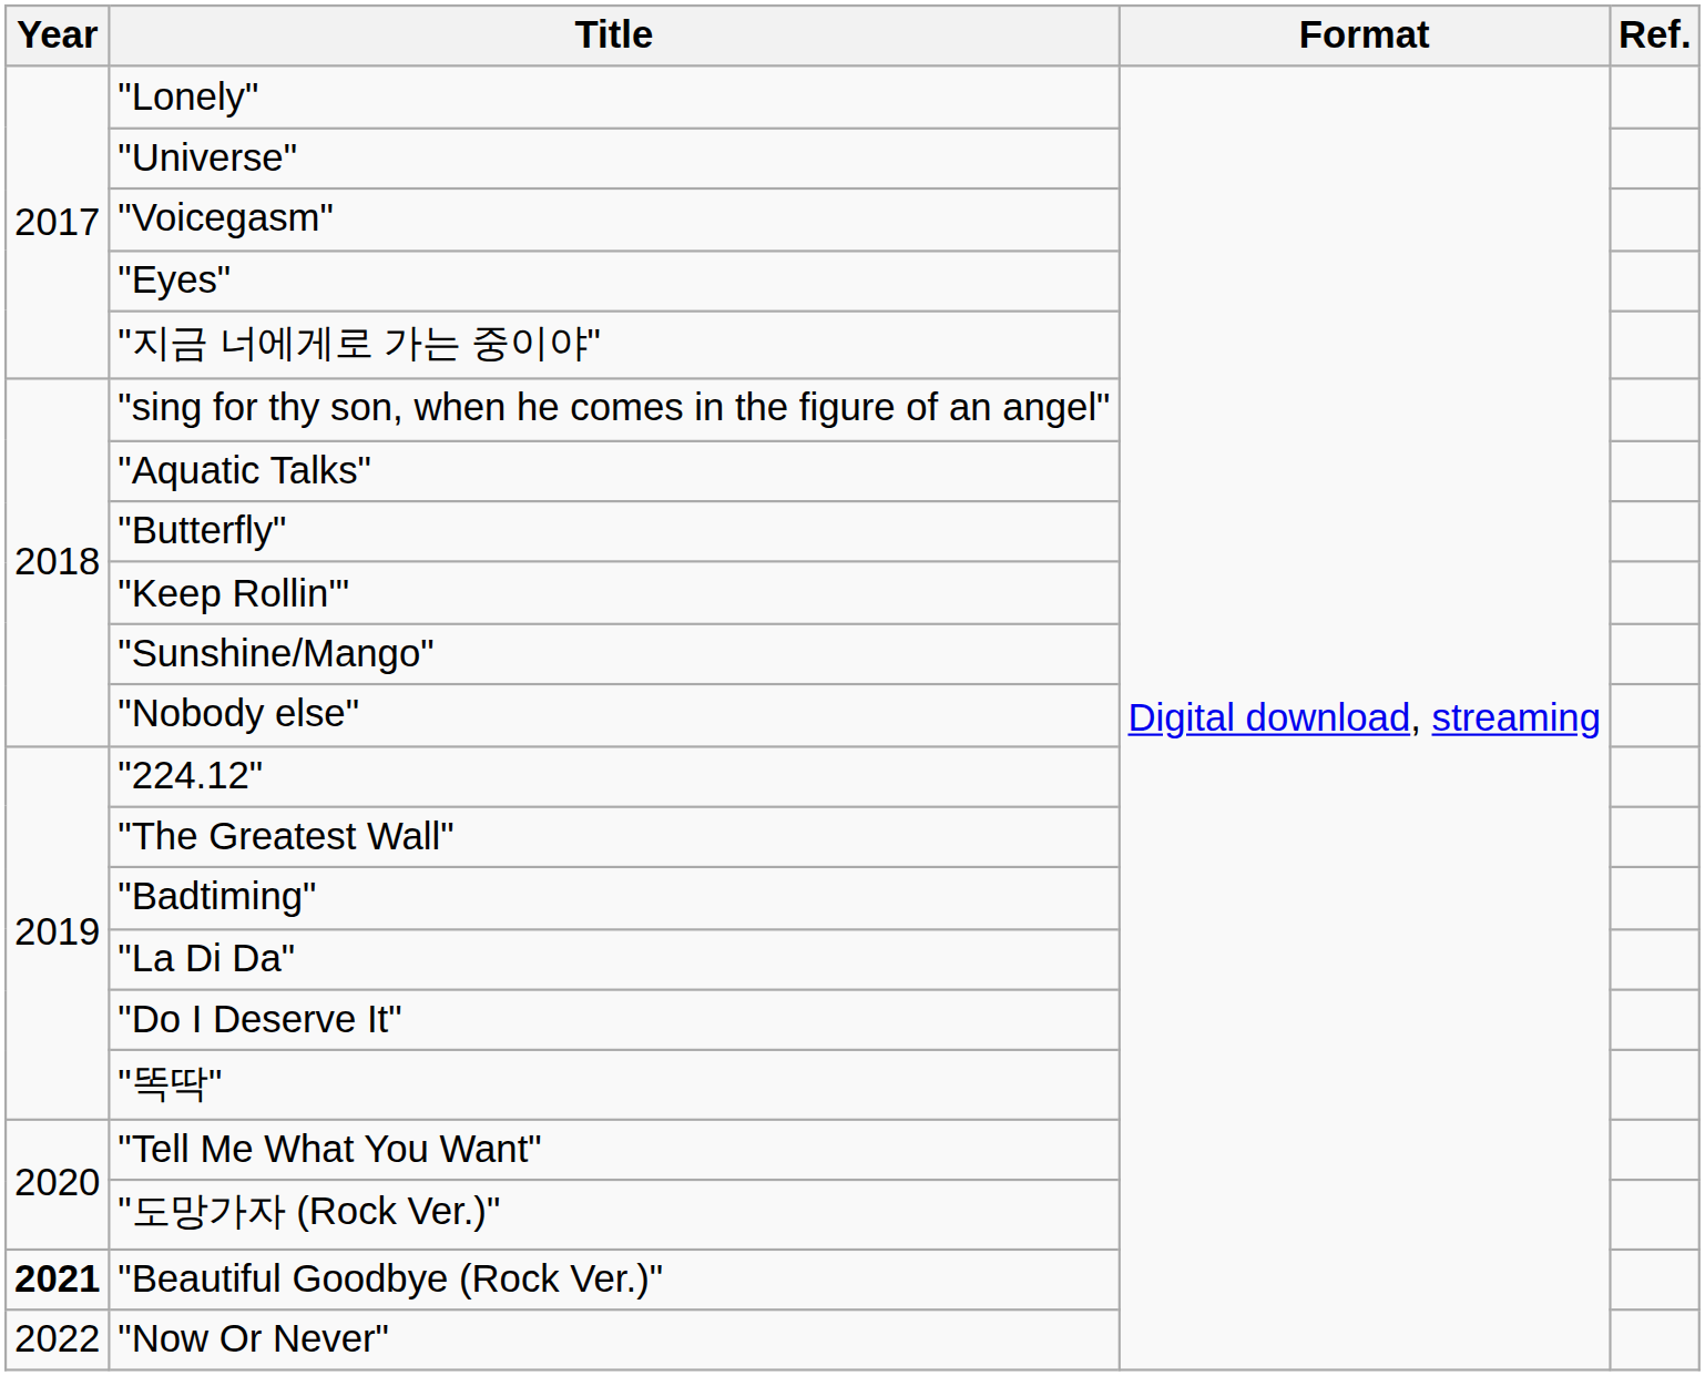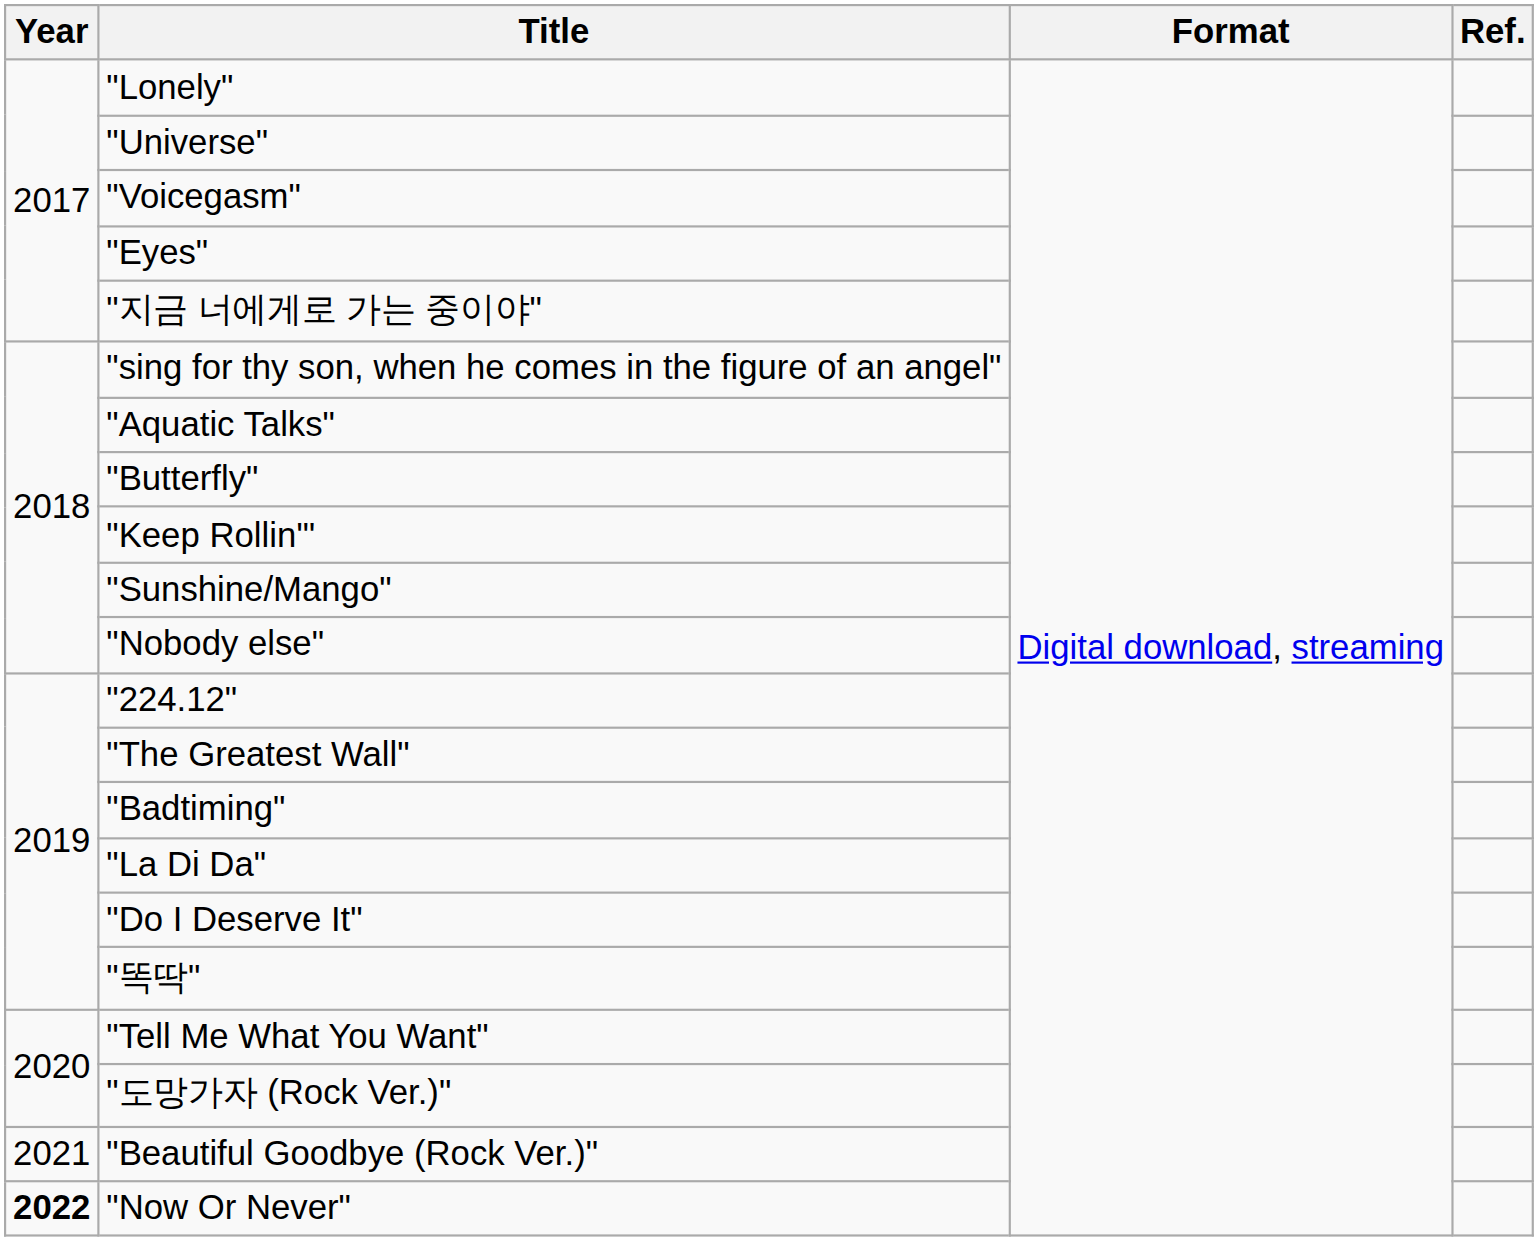 <table class="wikitable plainrowheaders">
 <tr>
 <th>Year</th>
 <th>Title</th>
 <th>Format</th>
 <th>Ref.</th>
 </tr>
 <tr>
 <td rowspan="5">2017</td>
 <td>"Lonely"</td>
 <td rowspan="21"><a href='#'>Digital download</a>, <a href='#'>streaming</a></td>
 <td></td>
 </tr>
 <tr>
 <td>"Universe"</td>
 <td></td>
 </tr>
 <tr>
 <td>"Voicegasm"</td>
 <td></td>
 </tr>
 <tr>
 <td>"Eyes"</td>
 <td></td>
 </tr>
 <tr>
 <td>"지금 너에게로 가는 중이야"</td>
 <td></td>
 </tr>
 <tr>
 <td rowspan="6">2018</td>
 <td>"sing for thy son, when he comes in the figure of an angel"</td>
 <td></td>
 </tr>
 <tr>
 <td>"Aquatic Talks"</td>
 <td></td>
 </tr>
 <tr>
 <td>"Butterfly"</td>
 <td></td>
 </tr>
 <tr>
 <td>"Keep Rollin'"</td>
 <td></td>
 </tr>
 <tr>
 <td>"Sunshine/Mango"</td>
 <td></td>
 </tr>
 <tr>
 <td>"Nobody else"</td>
 <td></td>
 </tr>
 <tr>
 <td rowspan="6">2019</td>
 <td>"224.12"</td>
 <td></td>
 </tr>
 <tr>
 <td>"The Greatest Wall"</td>
 <td></td>
 </tr>
 <tr>
 <td>"Badtiming"</td>
 <td></td>
 </tr>
 <tr>
 <td>"La Di Da"</td>
 <td></td>
 </tr>
 <tr>
 <td>"Do I Deserve It"</td>
 <td></td>
 </tr>
 <tr>
 <td>"똑딱"</td>
 <td></td>
 </tr>
 <tr>
 <td rowspan="2">2020</td>
 <td>"Tell Me What You Want"</td>
 <td></td>
 </tr>
 <tr>
 <td>"도망가자 (Rock Ver.)"</td>
 <td></td>
 </tr>
 <tr>
-<td><strong>2021</strong></td>
+<td>2021</td>
 <td>"Beautiful Goodbye (Rock Ver.)"</td>
 <td></td>
 </tr>
 <tr>
-<td>2022</td>
+<td><strong>2022</strong></td>
 <td>"Now Or Never"</td>
 <td></td>
 </tr>
 </table>
